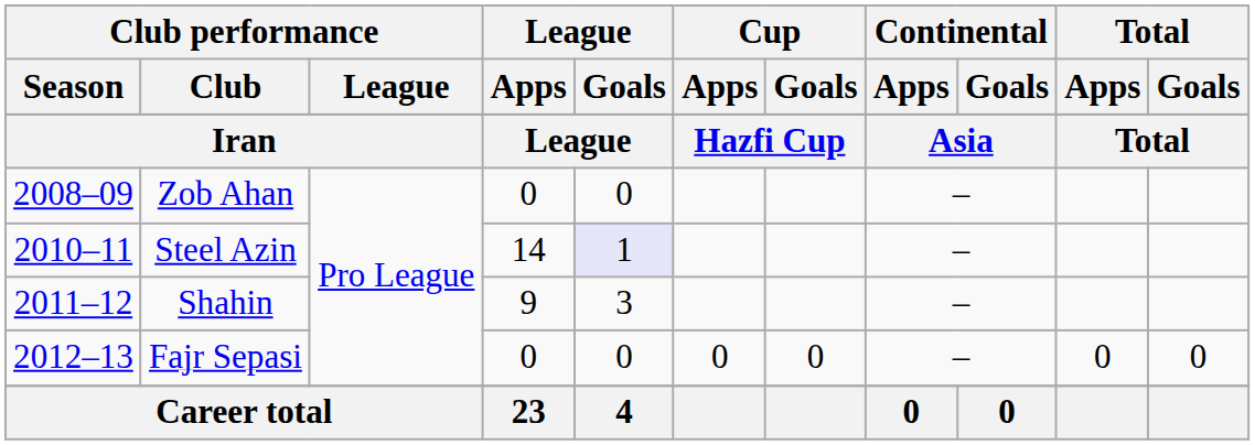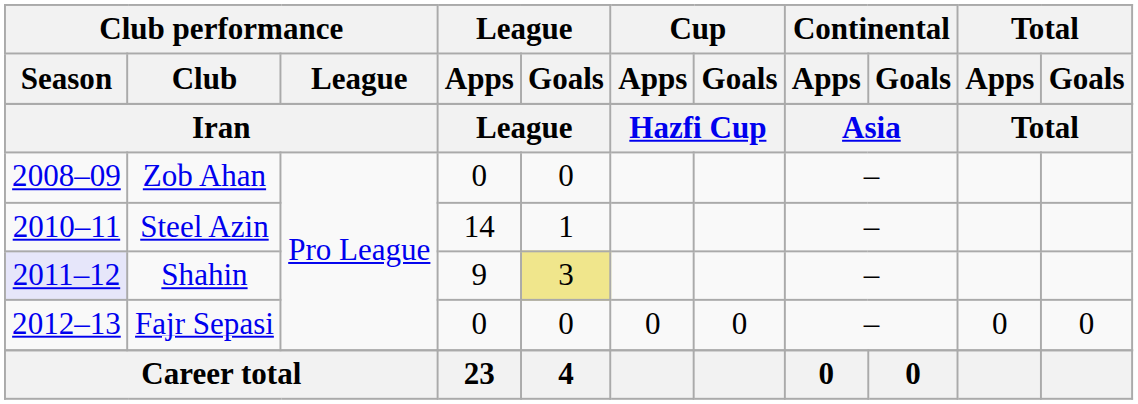 <table class="wikitable" style="text-align:center">
 <tr>
 <th colspan=3>Club performance</th>
 <th colspan=2>League</th>
 <th colspan=2>Cup</th>
 <th colspan=2>Continental</th>
 <th colspan=2>Total</th>
 </tr>
 <tr>
 <th>Season</th>
 <th>Club</th>
 <th>League</th>
 <th>Apps</th>
 <th>Goals</th>
 <th>Apps</th>
 <th>Goals</th>
 <th>Apps</th>
 <th>Goals</th>
 <th>Apps</th>
 <th>Goals</th>
 </tr>
 <tr>
 </tr>
 <tr>
 <th colspan=3>Iran</th>
 <th colspan=2>League</th>
 <th colspan=2><a href='#'>Hazfi Cup</a></th>
 <th colspan=2><a href='#'>Asia</a></th>
 <th colspan=2>Total</th>
 </tr>
 <tr>
 <td><a href='#'>2008–09</a></td>
 <td><a href='#'>Zob Ahan</a></td>
 <td rowspan="4"><a href='#'>Pro League</a></td>
 <td>0</td>
 <td>0</td>
 <td></td>
 <td></td>
 <td colspan="2">–</td>
 <td></td>
 <td></td>
 </tr>
 <tr>
 <td><a href='#'>2010–11</a></td>
 <td><a href='#'>Steel Azin</a></td>
 <td>14</td>
-<td style="background: lavender;">1</td>
+<td>1</td>
 <td></td>
 <td></td>
 <td colspan="2">–</td>
 <td></td>
 <td></td>
 </tr>
 <tr>
-<td><a href='#'>2011–12</a></td>
+<td style="background: lavender;"><a href='#'>2011–12</a></td>
 <td><a href='#'>Shahin</a></td>
 <td>9</td>
-<td>3</td>
+<td style="background: khaki;">3</td>
 <td></td>
 <td></td>
 <td colspan="2">–</td>
 <td></td>
 <td></td>
 </tr>
 <tr>
 <td><a href='#'>2012–13</a></td>
 <td><a href='#'>Fajr Sepasi</a></td>
 <td>0</td>
 <td>0</td>
 <td>0</td>
 <td>0</td>
 <td colspan="2">–</td>
 <td>0</td>
 <td>0</td>
 </tr>
 <tr>
 </tr>
 <tr>
 <th colspan=3>Career total</th>
 <th>23</th>
 <th>4</th>
 <th></th>
 <th></th>
 <th>0</th>
 <th>0</th>
 <th></th>
 <th></th>
 </tr>
 </table>
